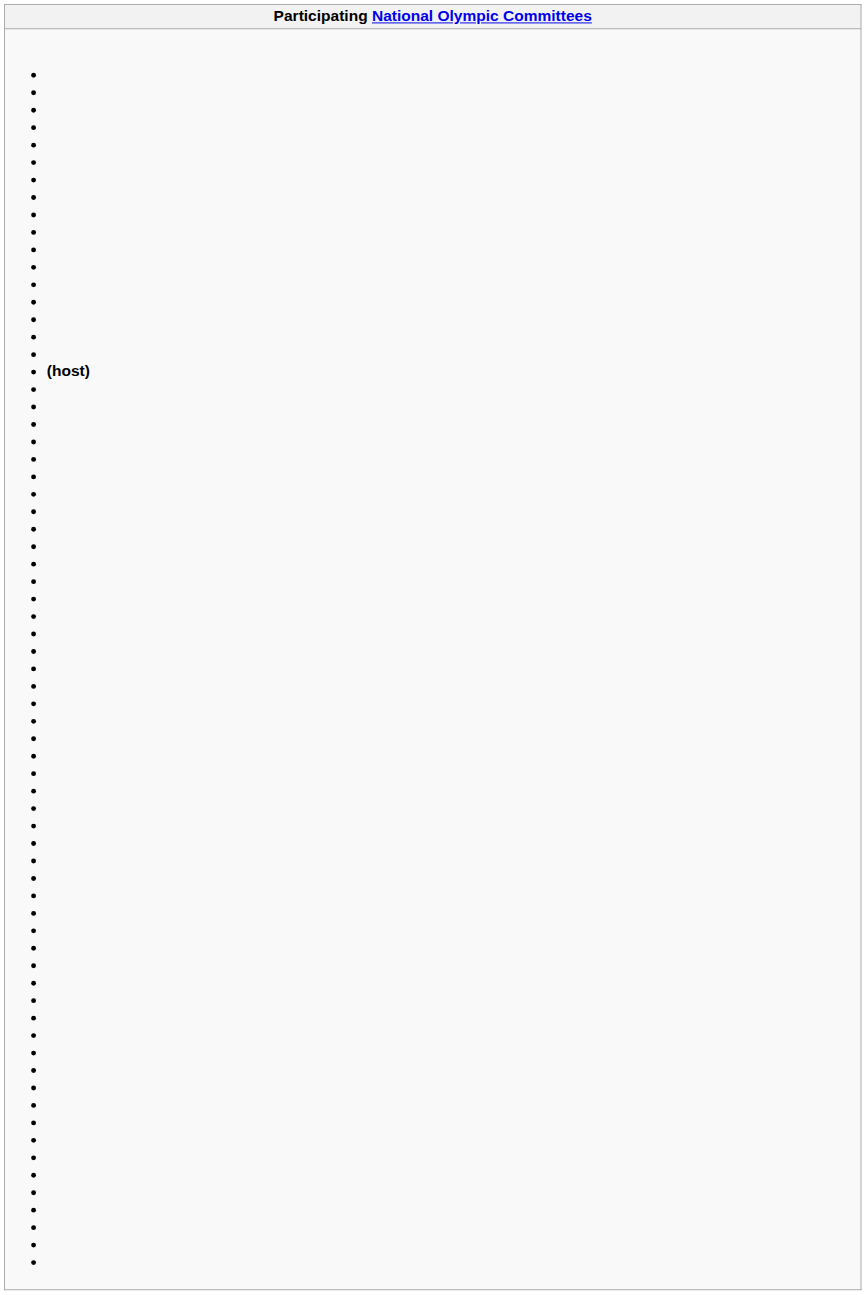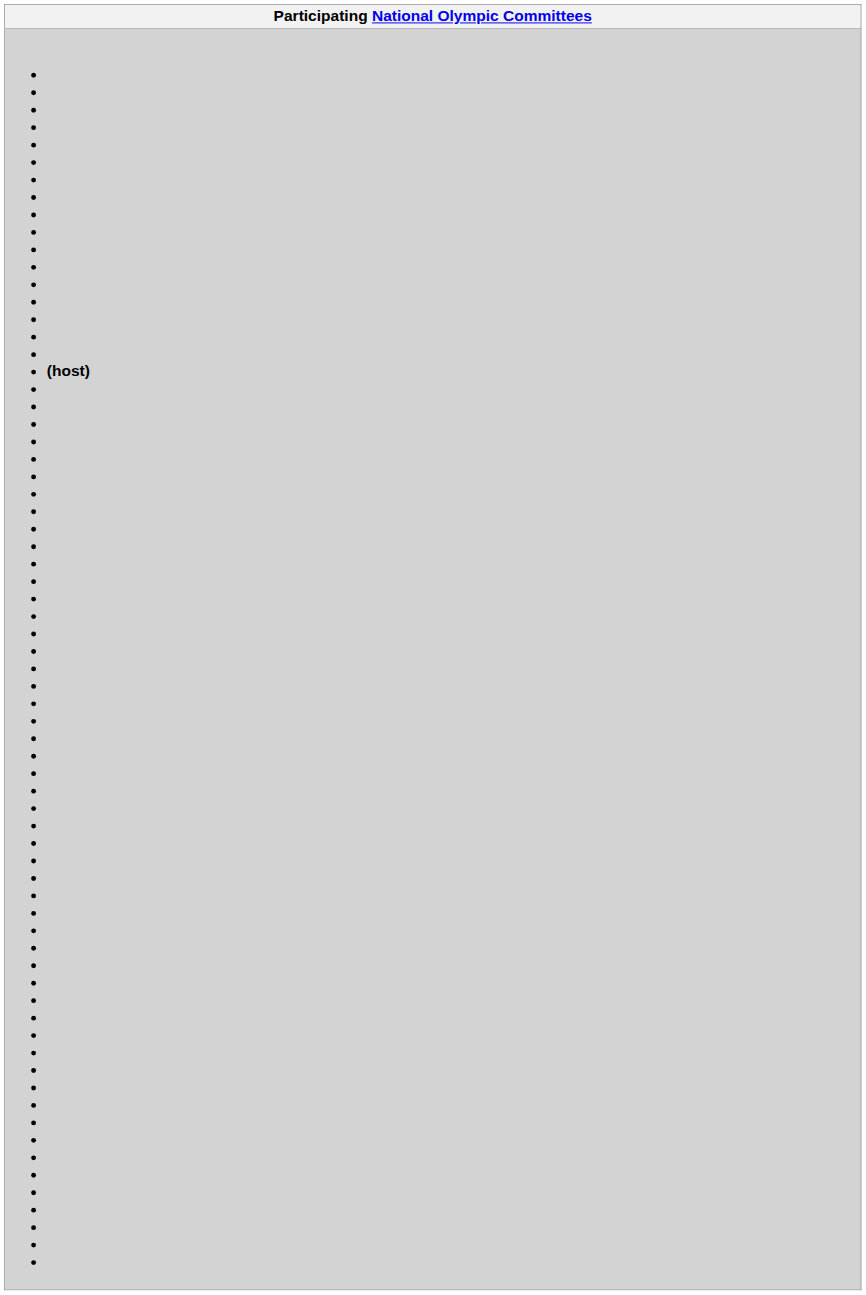 <table class="wikitable collapsible" style="width:100%;">
 <tr>
 <th>Participating <a href='#'>National Olympic Committees</a></th>
 </tr>
 <tr>
-<td><br><ul><li></li><li></li><li></li><li></li><li></li><li></li><li></li><li></li><li></li><li></li><li></li><li></li><li></li><li></li><li></li><li></li><li></li><li> <strong>(host)</strong></li><li></li><li></li><li></li><li></li><li></li><li></li><li></li><li></li><li></li><li></li><li></li><li></li><li></li><li></li><li></li><li></li><li></li><li></li><li></li><li></li><li></li><li></li><li></li><li></li><li></li><li></li><li></li><li></li><li></li><li></li><li></li><li></li><li></li><li></li><li></li><li></li><li></li><li></li><li></li><li></li><li></li><li></li><li></li><li></li><li></li><li></li><li></li><li></li><li></li><li></li><li></li></ul></td>
+<td style="background: lightgrey;"><br><ul><li></li><li></li><li></li><li></li><li></li><li></li><li></li><li></li><li></li><li></li><li></li><li></li><li></li><li></li><li></li><li></li><li></li><li> <strong>(host)</strong></li><li></li><li></li><li></li><li></li><li></li><li></li><li></li><li></li><li></li><li></li><li></li><li></li><li></li><li></li><li></li><li></li><li></li><li></li><li></li><li></li><li></li><li></li><li></li><li></li><li></li><li></li><li></li><li></li><li></li><li></li><li></li><li></li><li></li><li></li><li></li><li></li><li></li><li></li><li></li><li></li><li></li><li></li><li></li><li></li><li></li><li></li><li></li><li></li><li></li><li></li><li></li></ul></td>
 </tr>
 </table>
